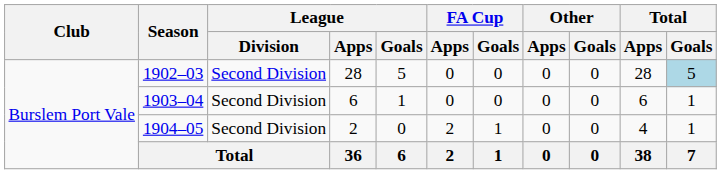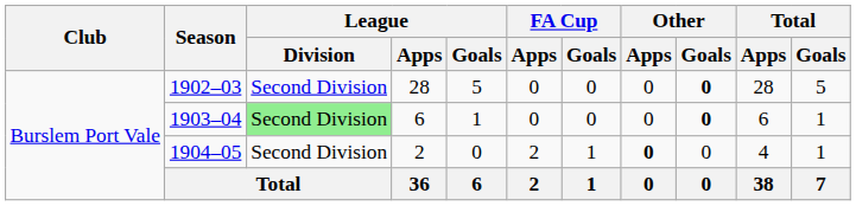 <table class="wikitable" style="text-align:center">
 <tr>
 <th rowspan="2">Club</th>
 <th rowspan="2">Season</th>
 <th colspan="3">League</th>
 <th colspan="2"><a href='#'>FA Cup</a></th>
 <th colspan="2">Other</th>
 <th colspan="2">Total</th>
 </tr>
 <tr>
 <th>Division</th>
 <th>Apps</th>
 <th>Goals</th>
 <th>Apps</th>
 <th>Goals</th>
 <th>Apps</th>
 <th>Goals</th>
 <th>Apps</th>
 <th>Goals</th>
 </tr>
 <tr>
 <td rowspan="4"><a href='#'>Burslem Port Vale</a></td>
 <td><a href='#'>1902–03</a></td>
 <td><a href='#'>Second Division</a></td>
 <td>28</td>
 <td>5</td>
 <td>0</td>
 <td>0</td>
 <td>0</td>
-<td>0</td>
+<td><strong>0</strong></td>
 <td>28</td>
-<td style="background: lightblue;">5</td>
+<td>5</td>
 </tr>
 <tr>
 <td><a href='#'>1903–04</a></td>
-<td>Second Division</td>
+<td style="background: lightgreen;">Second Division</td>
 <td>6</td>
 <td>1</td>
 <td>0</td>
 <td>0</td>
 <td>0</td>
-<td>0</td>
+<td><strong>0</strong></td>
 <td>6</td>
 <td>1</td>
 </tr>
 <tr>
 <td><a href='#'>1904–05</a></td>
 <td>Second Division</td>
 <td>2</td>
 <td>0</td>
 <td>2</td>
 <td>1</td>
-<td>0</td>
+<td><strong>0</strong></td>
 <td>0</td>
 <td>4</td>
 <td>1</td>
 </tr>
 <tr>
 <th colspan="2">Total</th>
 <th>36</th>
 <th>6</th>
 <th>2</th>
 <th>1</th>
 <th>0</th>
 <th>0</th>
 <th>38</th>
 <th>7</th>
 </tr>
 </table>
